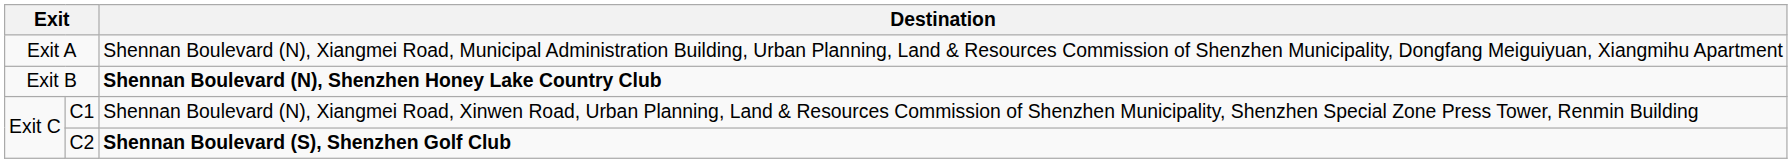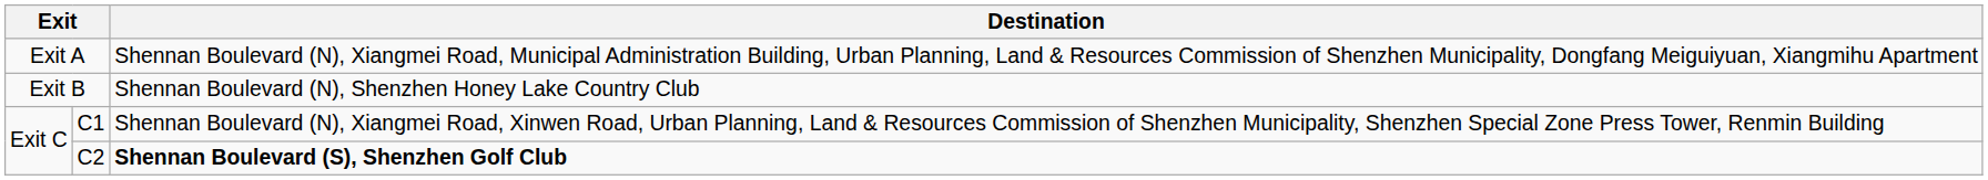 <table class="wikitable">
 <tr>
 <th style="width:70px" colspan="2">Exit</th>
 <th>Destination</th>
 </tr>
 <tr>
 <td align="center" colspan="2">Exit A</td>
 <td>Shennan Boulevard (N), Xiangmei Road, Municipal Administration Building, Urban Planning, Land & Resources Commission of Shenzhen Municipality, Dongfang Meiguiyuan, Xiangmihu Apartment</td>
 </tr>
 <tr>
 <td align="center" colspan="2">Exit B</td>
-<td><strong>Shennan Boulevard (N), Shenzhen Honey Lake Country Club</strong></td>
+<td>Shennan Boulevard (N), Shenzhen Honey Lake Country Club</td>
 </tr>
 <tr>
 <td rowspan="2" style="text-align:center;">Exit C</td>
 <td>C1</td>
 <td>Shennan Boulevard (N), Xiangmei Road, Xinwen Road, Urban Planning, Land & Resources Commission of Shenzhen Municipality, Shenzhen Special Zone Press Tower, Renmin Building</td>
 </tr>
 <tr>
 <td>C2</td>
 <td><strong>Shennan Boulevard (S), Shenzhen Golf Club</strong></td>
 </tr>
 </table>
